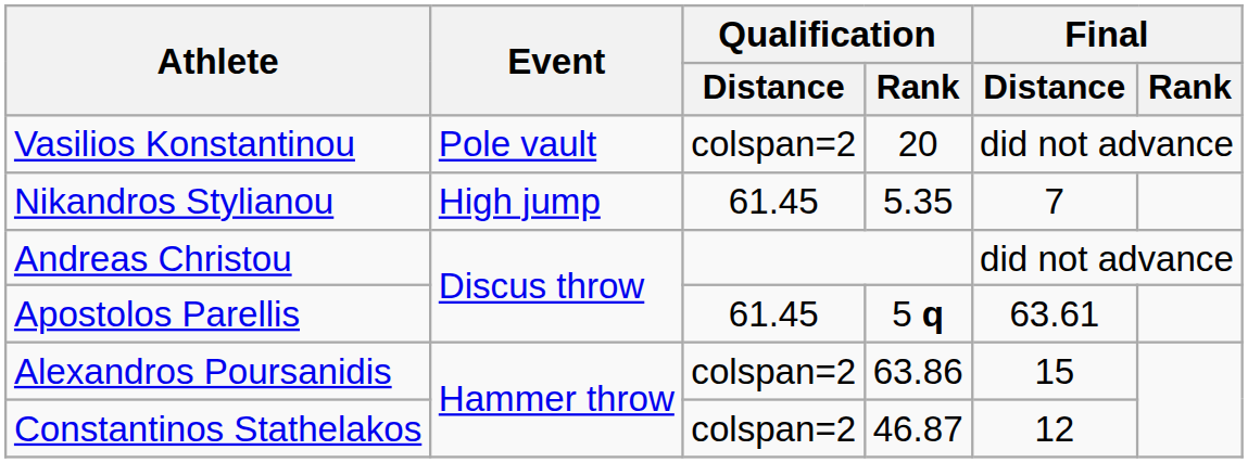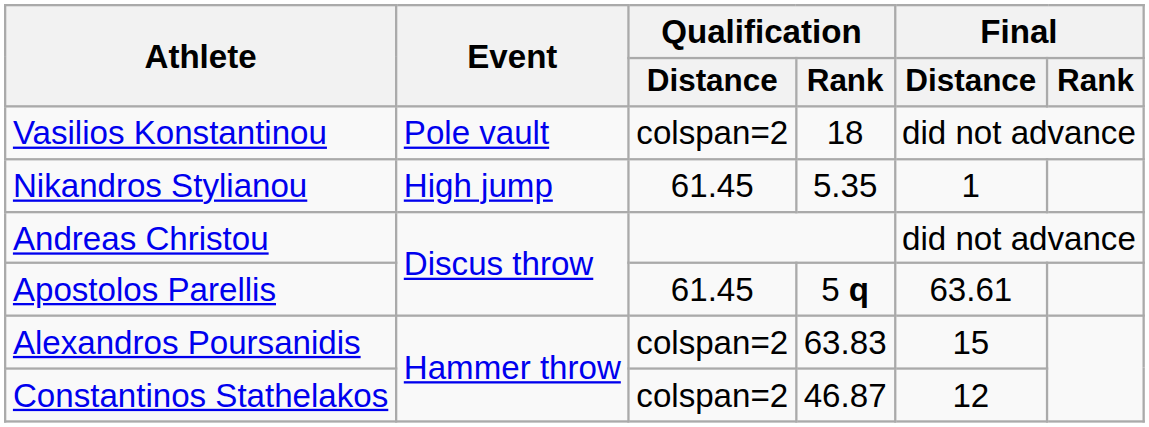 <table class="wikitable" style="font-size:90%">
 <tr>
 <th rowspan=2>Athlete</th>
 <th rowspan=2>Event</th>
 <th colspan=2>Qualification</th>
 <th colspan=2>Final</th>
 </tr>
 <tr style="font-size:95%">
 <th>Distance</th>
 <th>Rank</th>
 <th>Distance</th>
 <th>Rank</th>
 </tr>
 <tr align=center>
 <td align=left><a href='#'>Vasilios Konstantinou</a></td>
 <td align=left><a href='#'>Pole vault</a></td>
 <td>colspan=2 </td>
-<td>20</td>
+<td>18</td>
 <td colspan=2>did not advance</td>
 </tr>
 <tr align=center>
 <td align=left><a href='#'>Nikandros Stylianou</a></td>
 <td align=left><a href='#'>High jump</a></td>
 <td>61.45</td>
 <td>5.35</td>
-<td>7</td>
+<td>1</td>
 </tr>
 <tr align=center>
 <td align=left><a href='#'>Andreas Christou</a></td>
 <td align=left rowspan=2><a href='#'>Discus throw</a></td>
 <td colspan=2></td>
 <td colspan=2>did not advance</td>
 </tr>
 <tr align=center>
 <td align=left><a href='#'>Apostolos Parellis</a></td>
 <td>61.45</td>
 <td>5 <strong>q</strong></td>
 <td>63.61</td>
 <td></td>
 </tr>
 <tr align=center>
 <td align=left><a href='#'>Alexandros Poursanidis</a></td>
 <td align=left rowspan=2><a href='#'>Hammer throw</a></td>
 <td>colspan=2 </td>
-<td>63.86</td>
+<td>63.83</td>
 <td>15</td>
 </tr>
 <tr align=center>
 <td align=left><a href='#'>Constantinos Stathelakos</a></td>
 <td>colspan=2 </td>
 <td>46.87</td>
 <td>12</td>
 </tr>
 </table>
